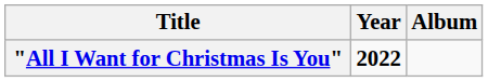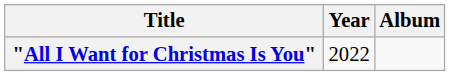 <table class="wikitable plainrowheaders" style="text-align:center;">
 <tr>
 <th scope="col" style="width:15em;">Title</th>
 <th scope="col" style="width:1em;">Year</th>
 <th scope="col">Album</th>
 </tr>
 <tr>
 <th scope="row">"<a href='#'>All I Want for Christmas Is You</a>"</th>
-<td><strong>2022</strong></td>
+<td>2022</td>
 <td></td>
 </tr>
 </table>
